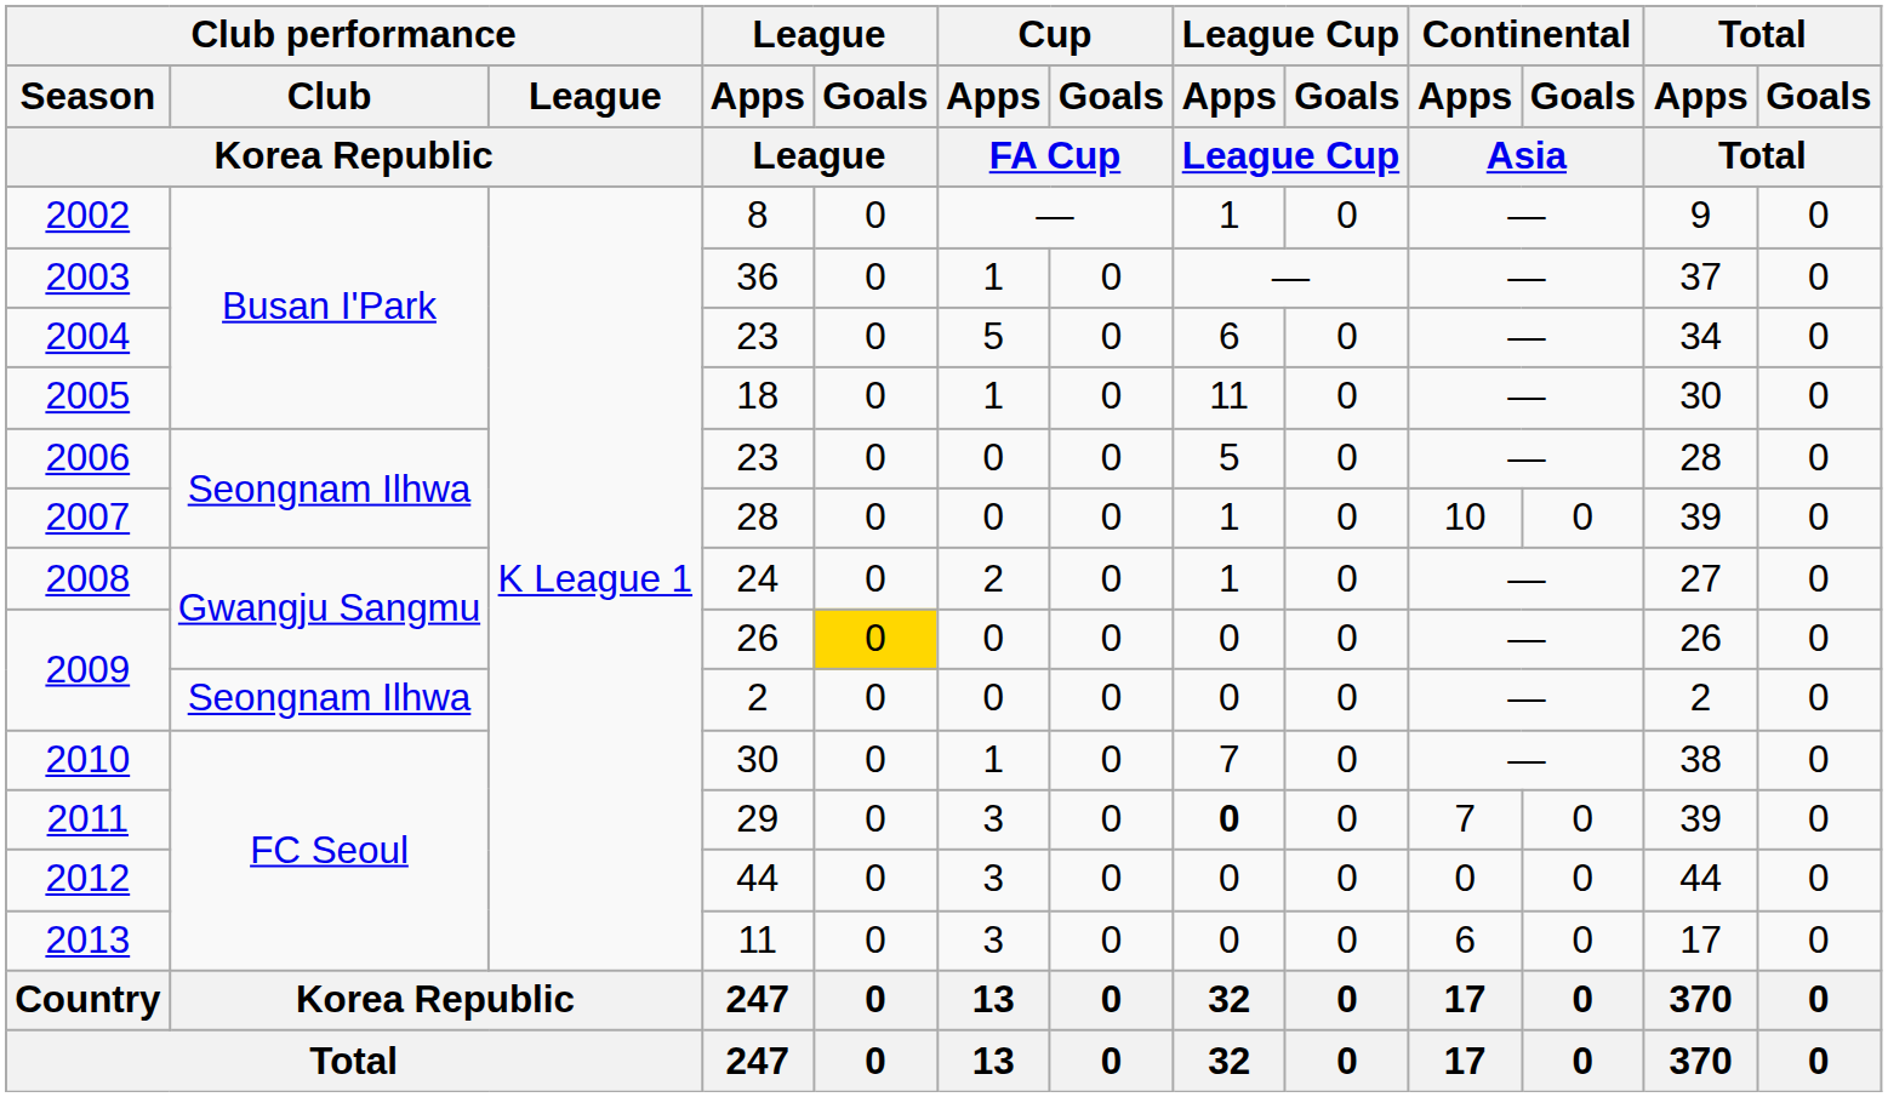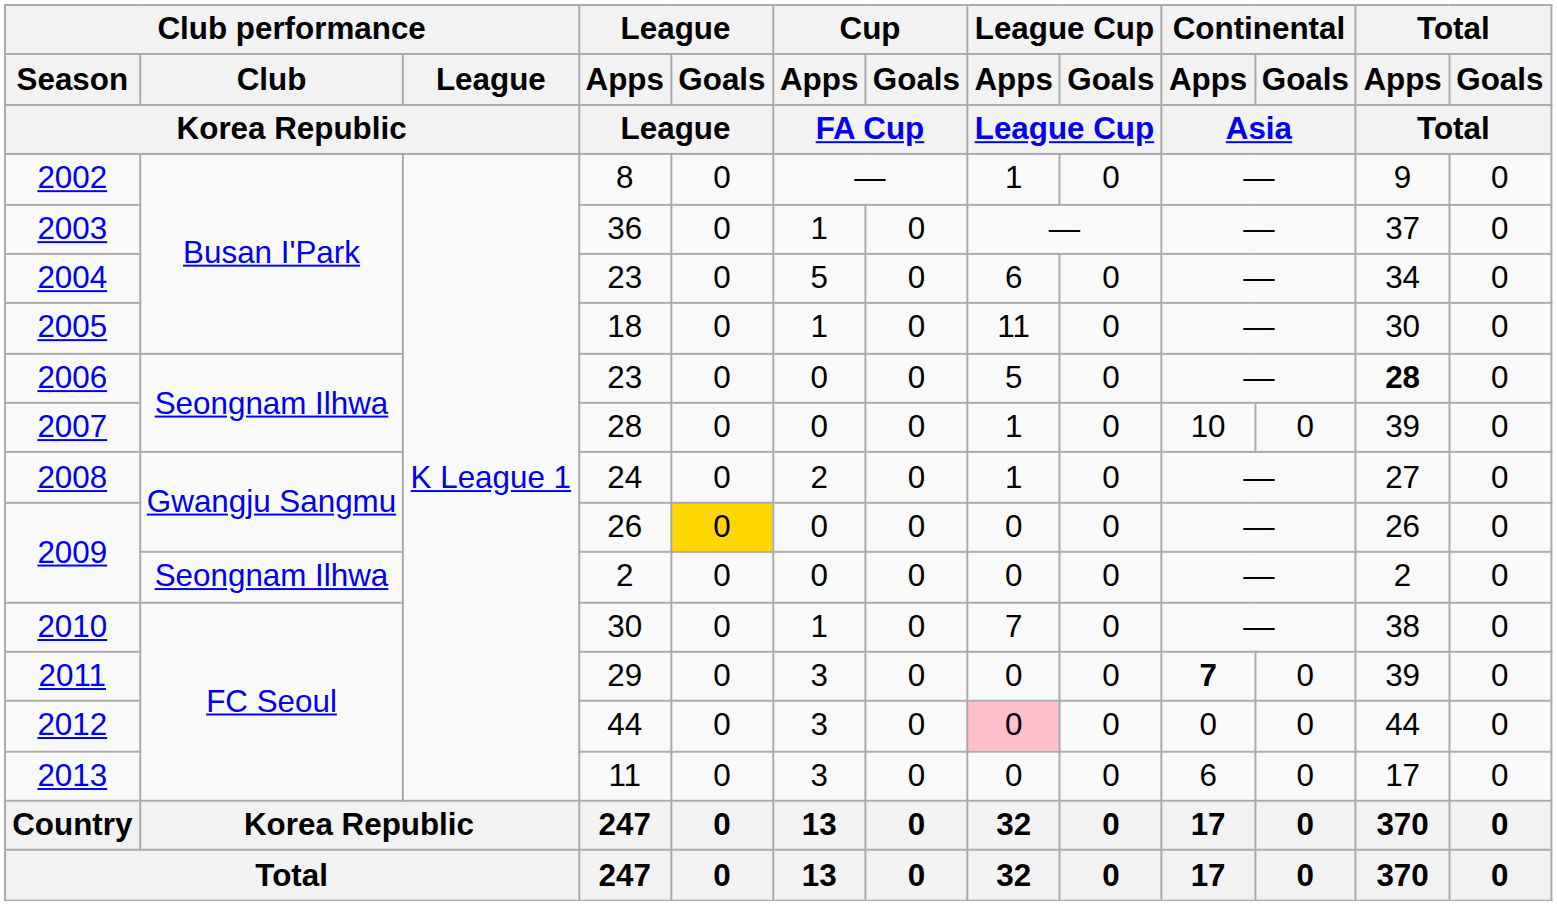 <table class="wikitable" style="text-align:center;">
 <tr>
 <th colspan=3>Club performance</th>
 <th colspan=2>League</th>
 <th colspan=2>Cup</th>
 <th colspan=2>League Cup</th>
 <th colspan=2>Continental</th>
 <th colspan=2>Total</th>
 </tr>
 <tr>
 <th>Season</th>
 <th>Club</th>
 <th>League</th>
 <th>Apps</th>
 <th>Goals</th>
 <th>Apps</th>
 <th>Goals</th>
 <th>Apps</th>
 <th>Goals</th>
 <th>Apps</th>
 <th>Goals</th>
 <th>Apps</th>
 <th>Goals</th>
 </tr>
 <tr>
 <th colspan=3>Korea Republic</th>
 <th colspan=2>League</th>
 <th colspan=2><a href='#'>FA Cup</a></th>
 <th colspan=2><a href='#'>League Cup</a></th>
 <th colspan=2><a href='#'>Asia</a></th>
 <th colspan=2>Total</th>
 </tr>
 <tr>
 <td><a href='#'>2002</a></td>
 <td rowspan="4"><a href='#'>Busan I'Park</a></td>
 <td rowspan="13"><a href='#'>K League 1</a></td>
 <td>8</td>
 <td>0</td>
 <td colspan="2">—</td>
 <td>1</td>
 <td>0</td>
 <td colspan="2">—</td>
 <td>9</td>
 <td>0</td>
 </tr>
 <tr>
 <td><a href='#'>2003</a></td>
 <td>36</td>
 <td>0</td>
 <td>1</td>
 <td>0</td>
 <td colspan="2">—</td>
 <td colspan="2">—</td>
 <td>37</td>
 <td>0</td>
 </tr>
 <tr>
 <td><a href='#'>2004</a></td>
 <td>23</td>
 <td>0</td>
 <td>5</td>
 <td>0</td>
 <td>6</td>
 <td>0</td>
 <td colspan="2">—</td>
 <td>34</td>
 <td>0</td>
 </tr>
 <tr>
 <td><a href='#'>2005</a></td>
 <td>18</td>
 <td>0</td>
 <td>1</td>
 <td>0</td>
 <td>11</td>
 <td>0</td>
 <td colspan="2">—</td>
 <td>30</td>
 <td>0</td>
 </tr>
 <tr>
 <td><a href='#'>2006</a></td>
 <td rowspan="2"><a href='#'>Seongnam Ilhwa</a></td>
 <td>23</td>
 <td>0</td>
 <td>0</td>
 <td>0</td>
 <td>5</td>
 <td>0</td>
 <td colspan="2">—</td>
-<td>28</td>
+<td><strong>28</strong></td>
 <td>0</td>
 </tr>
 <tr>
 <td><a href='#'>2007</a></td>
 <td>28</td>
 <td>0</td>
 <td>0</td>
 <td>0</td>
 <td>1</td>
 <td>0</td>
 <td>10</td>
 <td>0</td>
 <td>39</td>
 <td>0</td>
 </tr>
 <tr>
 <td><a href='#'>2008</a></td>
 <td rowspan="2"><a href='#'>Gwangju Sangmu</a></td>
 <td>24</td>
 <td>0</td>
 <td>2</td>
 <td>0</td>
 <td>1</td>
 <td>0</td>
 <td colspan="2">—</td>
 <td>27</td>
 <td>0</td>
 </tr>
 <tr>
 <td rowspan="2"><a href='#'>2009</a></td>
 <td>26</td>
 <td style="background: gold;">0</td>
 <td>0</td>
 <td>0</td>
 <td>0</td>
 <td>0</td>
 <td colspan="2">—</td>
 <td>26</td>
 <td>0</td>
 </tr>
 <tr>
 <td rowspan="1"><a href='#'>Seongnam Ilhwa</a></td>
 <td>2</td>
 <td>0</td>
 <td>0</td>
 <td>0</td>
 <td>0</td>
 <td>0</td>
 <td colspan="2">—</td>
 <td>2</td>
 <td>0</td>
 </tr>
 <tr>
 <td><a href='#'>2010</a></td>
 <td rowspan="4"><a href='#'>FC Seoul</a></td>
 <td>30</td>
 <td>0</td>
 <td>1</td>
 <td>0</td>
 <td>7</td>
 <td>0</td>
 <td colspan="2">—</td>
 <td>38</td>
 <td>0</td>
 </tr>
 <tr>
 <td><a href='#'>2011</a></td>
 <td>29</td>
 <td>0</td>
 <td>3</td>
 <td>0</td>
-<td><strong>0</strong></td>
 <td>0</td>
-<td>7</td>
+<td>0</td>
+<td><strong>7</strong></td>
 <td>0</td>
 <td>39</td>
 <td>0</td>
 </tr>
 <tr>
 <td><a href='#'>2012</a></td>
 <td>44</td>
 <td>0</td>
 <td>3</td>
 <td>0</td>
-<td>0</td>
+<td style="background: pink;">0</td>
 <td>0</td>
 <td>0</td>
 <td>0</td>
 <td>44</td>
 <td>0</td>
 </tr>
 <tr>
 <td><a href='#'>2013</a></td>
 <td>11</td>
 <td>0</td>
 <td>3</td>
 <td>0</td>
 <td>0</td>
 <td>0</td>
 <td>6</td>
 <td>0</td>
 <td>17</td>
 <td>0</td>
 </tr>
 <tr>
 <th rowspan=1>Country</th>
 <th colspan=2>Korea Republic</th>
 <th>247</th>
 <th>0</th>
 <th>13</th>
 <th>0</th>
 <th>32</th>
 <th>0</th>
 <th>17</th>
 <th>0</th>
 <th>370</th>
 <th>0</th>
 </tr>
 <tr>
 <th colspan=3>Total</th>
 <th>247</th>
 <th>0</th>
 <th>13</th>
 <th>0</th>
 <th>32</th>
 <th>0</th>
 <th>17</th>
 <th>0</th>
 <th>370</th>
 <th>0</th>
 </tr>
 </table>
